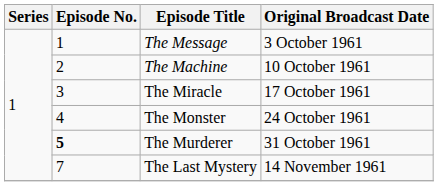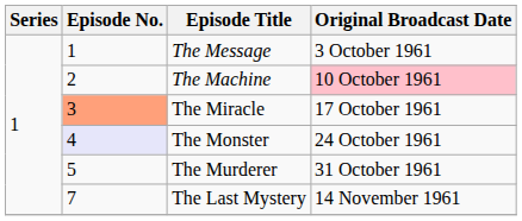 <table class="wikitable">
 <tr>
 <th>Series</th>
 <th>Episode No.</th>
 <th>Episode Title</th>
 <th>Original Broadcast Date</th>
 </tr>
 <tr>
 <td rowspan="6">1</td>
 <td>1</td>
 <td><em>The Message</em></td>
 <td>3 October 1961</td>
 </tr>
 <tr>
 <td>2</td>
 <td><em>The Machine</em></td>
-<td>10 October 1961</td>
+<td style="background: pink;">10 October 1961</td>
 </tr>
 <tr>
-<td>3</td>
+<td style="background: lightsalmon;">3</td>
 <td>The Miracle</td>
 <td>17 October 1961</td>
 </tr>
 <tr>
-<td>4</td>
+<td style="background: lavender;">4</td>
 <td>The Monster</td>
 <td>24 October 1961</td>
 </tr>
 <tr>
-<td><strong>5</strong></td>
+<td>5</td>
 <td>The Murderer</td>
 <td>31 October 1961</td>
 </tr>
 <tr>
 <td>7</td>
 <td>The Last Mystery</td>
 <td>14 November 1961</td>
 </tr>
 <tr>
 </tr>
 </table>
